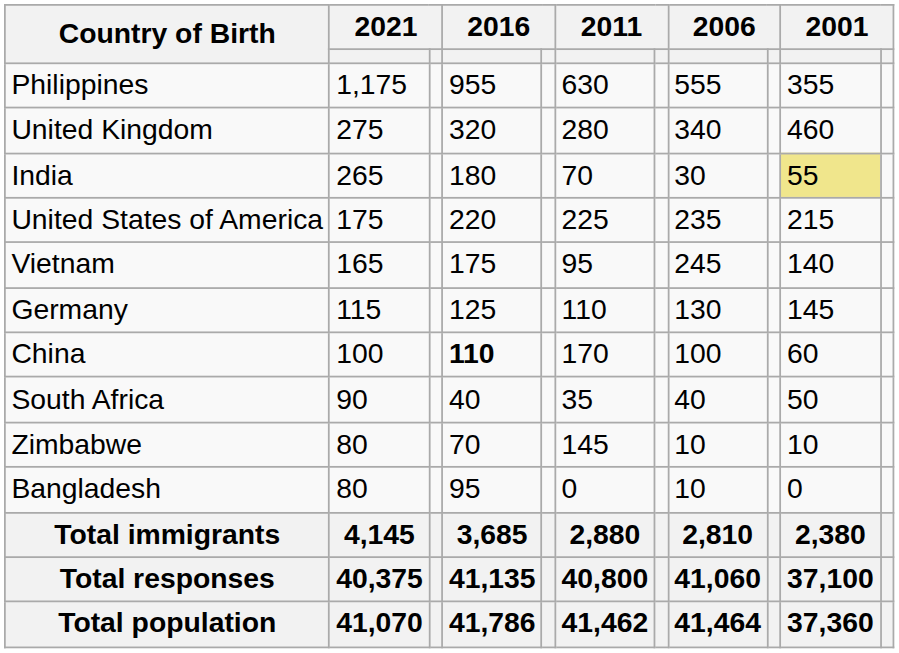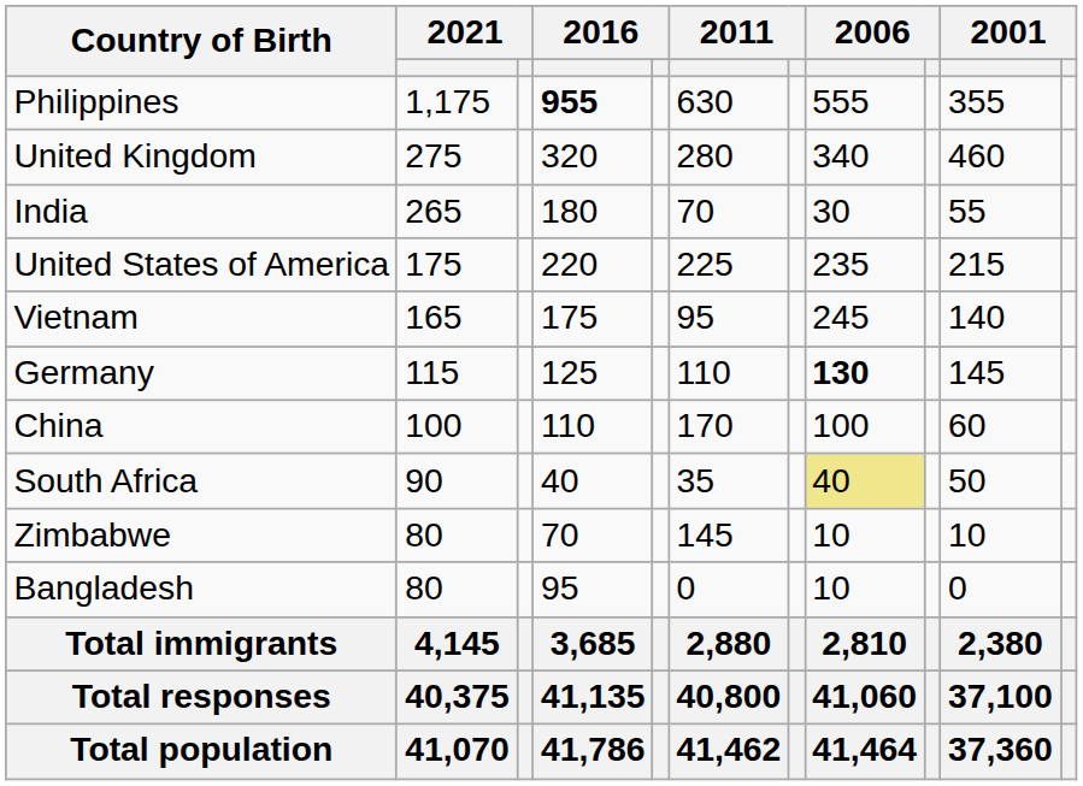 <table class="wikitable sortable">
 <tr>
 <th rowspan="2">Country of Birth</th>
 <th colspan="2">2021</th>
 <th colspan="2">2016</th>
 <th colspan="2">2011</th>
 <th colspan="2">2006</th>
 <th colspan="2">2001</th>
 </tr>
 <tr>
 <th><a href='#'></a></th>
 <th></th>
 <th></th>
 <th></th>
 <th></th>
 <th></th>
 <th></th>
 <th></th>
 <th></th>
 <th></th>
 </tr>
 <tr>
 <td>Philippines</td>
 <td>1,175</td>
 <td></td>
-<td>955</td>
+<td><strong>955</strong></td>
 <td></td>
 <td>630</td>
 <td></td>
 <td>555</td>
 <td></td>
 <td>355</td>
 <td></td>
 </tr>
 <tr>
 <td>United Kingdom</td>
 <td>275</td>
 <td></td>
 <td>320</td>
 <td></td>
 <td>280</td>
 <td></td>
 <td>340</td>
 <td></td>
 <td>460</td>
 <td></td>
 </tr>
 <tr>
 <td>India</td>
 <td>265</td>
 <td></td>
 <td>180</td>
 <td></td>
 <td>70</td>
 <td></td>
 <td>30</td>
 <td></td>
-<td style="background: khaki;">55</td>
+<td>55</td>
 <td></td>
 </tr>
 <tr>
 <td>United States of America</td>
 <td>175</td>
 <td></td>
 <td>220</td>
 <td></td>
 <td>225</td>
 <td></td>
 <td>235</td>
 <td></td>
 <td>215</td>
 <td></td>
 </tr>
 <tr>
 <td>Vietnam</td>
 <td>165</td>
 <td></td>
 <td>175</td>
 <td></td>
 <td>95</td>
 <td></td>
 <td>245</td>
 <td></td>
 <td>140</td>
 <td></td>
 </tr>
 <tr>
 <td>Germany</td>
 <td>115</td>
 <td></td>
 <td>125</td>
 <td></td>
 <td>110</td>
 <td></td>
-<td>130</td>
+<td><strong>130</strong></td>
 <td></td>
 <td>145</td>
 <td></td>
 </tr>
 <tr>
 <td>China</td>
 <td>100</td>
 <td></td>
-<td><strong>110</strong></td>
+<td>110</td>
 <td></td>
 <td>170</td>
 <td></td>
 <td>100</td>
 <td></td>
 <td>60</td>
 <td></td>
 </tr>
 <tr>
 <td>South Africa</td>
 <td>90</td>
 <td></td>
 <td>40</td>
 <td></td>
 <td>35</td>
 <td></td>
-<td>40</td>
+<td style="background: khaki;">40</td>
 <td></td>
 <td>50</td>
 <td></td>
 </tr>
 <tr>
 <td>Zimbabwe</td>
 <td>80</td>
 <td></td>
 <td>70</td>
 <td></td>
 <td>145</td>
 <td></td>
 <td>10</td>
 <td></td>
 <td>10</td>
 <td></td>
 </tr>
 <tr>
 <td>Bangladesh</td>
 <td>80</td>
 <td></td>
 <td>95</td>
 <td></td>
 <td>0</td>
 <td></td>
 <td>10</td>
 <td></td>
 <td>0</td>
 <td></td>
 </tr>
 <tr>
 <th>Total immigrants</th>
 <th>4,145</th>
 <th></th>
 <th>3,685</th>
 <th></th>
 <th>2,880</th>
 <th></th>
 <th>2,810</th>
 <th></th>
 <th>2,380</th>
 <th></th>
 </tr>
 <tr class="sortbottom">
 <th>Total responses</th>
 <th>40,375</th>
 <th></th>
 <th>41,135</th>
 <th></th>
 <th>40,800</th>
 <th></th>
 <th>41,060</th>
 <th></th>
 <th>37,100</th>
 <th></th>
 </tr>
 <tr class="sortbottom">
 <th>Total population</th>
 <th>41,070</th>
 <th></th>
 <th>41,786</th>
 <th></th>
 <th>41,462</th>
 <th></th>
 <th>41,464</th>
 <th></th>
 <th>37,360</th>
 <th></th>
 </tr>
 </table>
